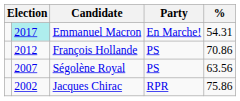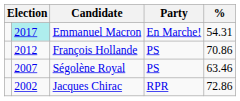 <table class="wikitable">
 <tr>
 <th colspan="2">Election</th>
 <th>Candidate</th>
 <th>Party</th>
 <th>%</th>
 </tr>
 <tr>
 <td style="background-color: "></td>
 <td style="background: paleturquoise;"><a href='#'>2017</a></td>
 <td><a href='#'>Emmanuel Macron</a></td>
 <td><a href='#'>En Marche!</a></td>
 <td>54.31</td>
 </tr>
 <tr>
 <td style="background-color: "></td>
 <td><a href='#'>2012</a></td>
 <td><a href='#'>François Hollande</a></td>
 <td><a href='#'>PS</a></td>
 <td>70.86</td>
 </tr>
 <tr>
 <td style="background-color: "></td>
 <td><a href='#'>2007</a></td>
 <td><a href='#'>Ségolène Royal</a></td>
 <td><a href='#'>PS</a></td>
-<td>63.56</td>
+<td>63.46</td>
 </tr>
 <tr>
 <td style="background-color: "></td>
 <td><a href='#'>2002</a></td>
 <td><a href='#'>Jacques Chirac</a></td>
 <td><a href='#'>RPR</a></td>
-<td>75.86</td>
+<td>72.86</td>
 </tr>
 </table>
